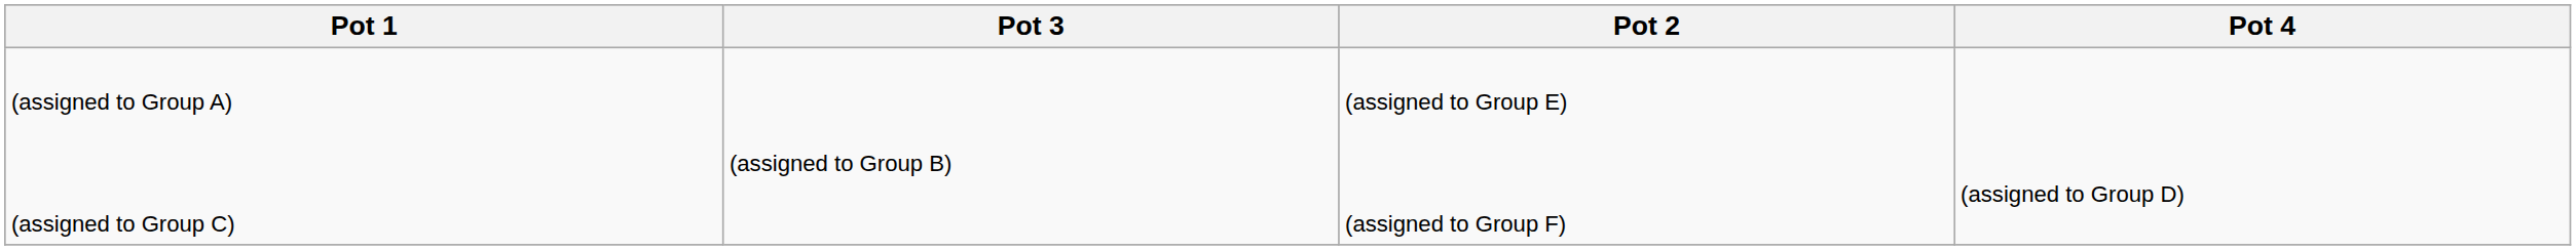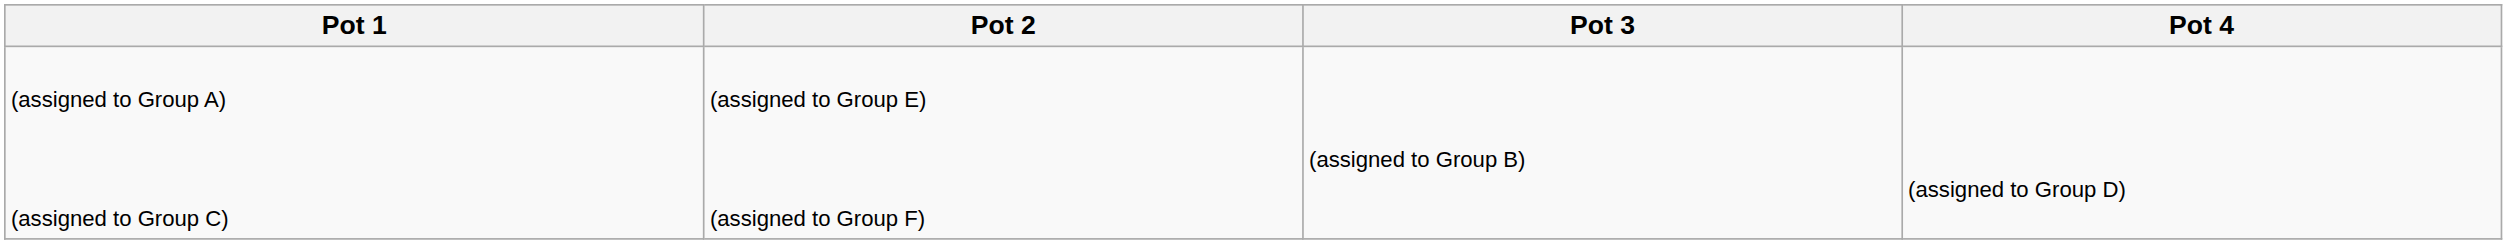 <table class="wikitable" style="width:95%;">
 <tr>
 <th width=28%>Pot 1</th>
+<th width=24%>Pot 2</th>
 <th width=24%>Pot 3</th>
-<th width=24%>Pot 2</th>
 <th width=24%>Pot 4</th>
 </tr>
 <tr>
 <td><br> <small>(assigned to Group A)</small><br> <br> <br> <br>  <small>(assigned to Group C)</small><br> </td>
+<td><br> <small>(assigned to Group E)</small><br> <br> <br> <br>  <small>(assigned to Group F)</small><br> </td>
 <td><br><br> <br>  <small>(assigned to Group B)</small><br> <br> <br> </td>
-<td><br> <small>(assigned to Group E)</small><br> <br> <br> <br>  <small>(assigned to Group F)</small><br> </td>
 <td valign="top"><br><br> <br> <br>  <small>(assigned to Group D)</small><br> <br> </td>
 </tr>
 </table>
